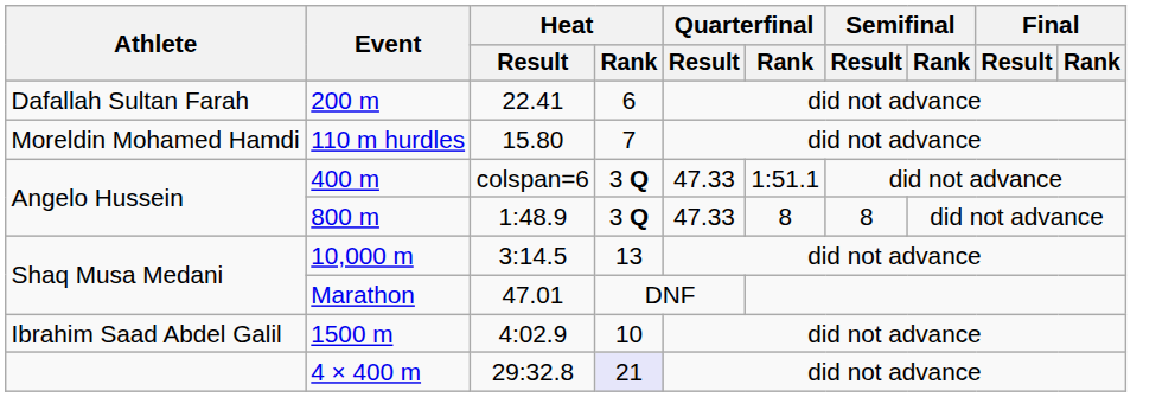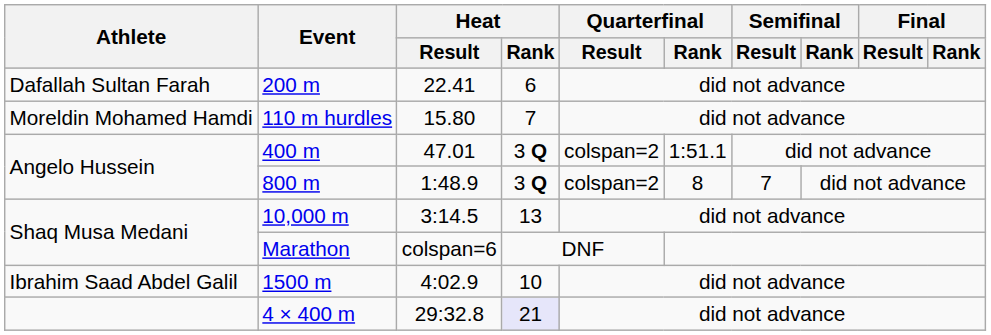 <table class="wikitable" style="font-size:90%">
 <tr>
 <th rowspan="2">Athlete</th>
 <th rowspan="2">Event</th>
 <th colspan="2">Heat</th>
 <th colspan="2">Quarterfinal</th>
 <th colspan="2">Semifinal</th>
 <th colspan="2">Final</th>
 </tr>
 <tr style="font-size:95%">
 <th>Result</th>
 <th>Rank</th>
 <th>Result</th>
 <th>Rank</th>
 <th>Result</th>
 <th>Rank</th>
 <th>Result</th>
 <th>Rank</th>
 </tr>
 <tr align=center>
 <td align=left>Dafallah Sultan Farah</td>
 <td align=left><a href='#'>200 m</a></td>
 <td>22.41</td>
 <td>6</td>
 <td colspan=6>did not advance</td>
 </tr>
 <tr align=center>
 <td align=left>Moreldin Mohamed Hamdi</td>
 <td align=left><a href='#'>110 m hurdles</a></td>
 <td>15.80</td>
 <td>7</td>
 <td colspan=6>did not advance</td>
 </tr>
 <tr align=center>
 <td align=left rowspan=2>Angelo Hussein</td>
 <td align=left><a href='#'>400 m</a></td>
-<td>colspan=6 </td>
+<td>47.01</td>
 <td>3 <strong>Q</strong></td>
-<td>47.33</td>
+<td>colspan=2 </td>
 <td>1:51.1</td>
 <td colspan=6>did not advance</td>
 </tr>
 <tr align=center>
 <td align=left><a href='#'>800 m</a></td>
 <td>1:48.9</td>
 <td>3 <strong>Q</strong></td>
-<td>47.33</td>
+<td>colspan=2 </td>
 <td>8</td>
-<td>8</td>
+<td>7</td>
 <td colspan=6>did not advance</td>
 </tr>
 <tr align=center>
 <td align=left rowspan=2>Shaq Musa Medani</td>
 <td align=left><a href='#'>10,000 m</a></td>
 <td>3:14.5</td>
 <td>13</td>
 <td colspan=6>did not advance</td>
 </tr>
 <tr align=center>
 <td align=left><a href='#'>Marathon</a></td>
-<td>47.01</td>
+<td>colspan=6 </td>
 <td colspan=2>DNF</td>
 </tr>
 <tr align=center>
 <td align=left>Ibrahim Saad Abdel Galil</td>
 <td align=left><a href='#'>1500 m</a></td>
 <td>4:02.9</td>
 <td>10</td>
 <td colspan=6>did not advance</td>
 </tr>
 <tr align=center>
 <td></td>
 <td align=left><a href='#'>4 × 400 m</a></td>
 <td>29:32.8</td>
 <td style="background: lavender;">21</td>
 <td colspan=6>did not advance</td>
 </tr>
 </table>
